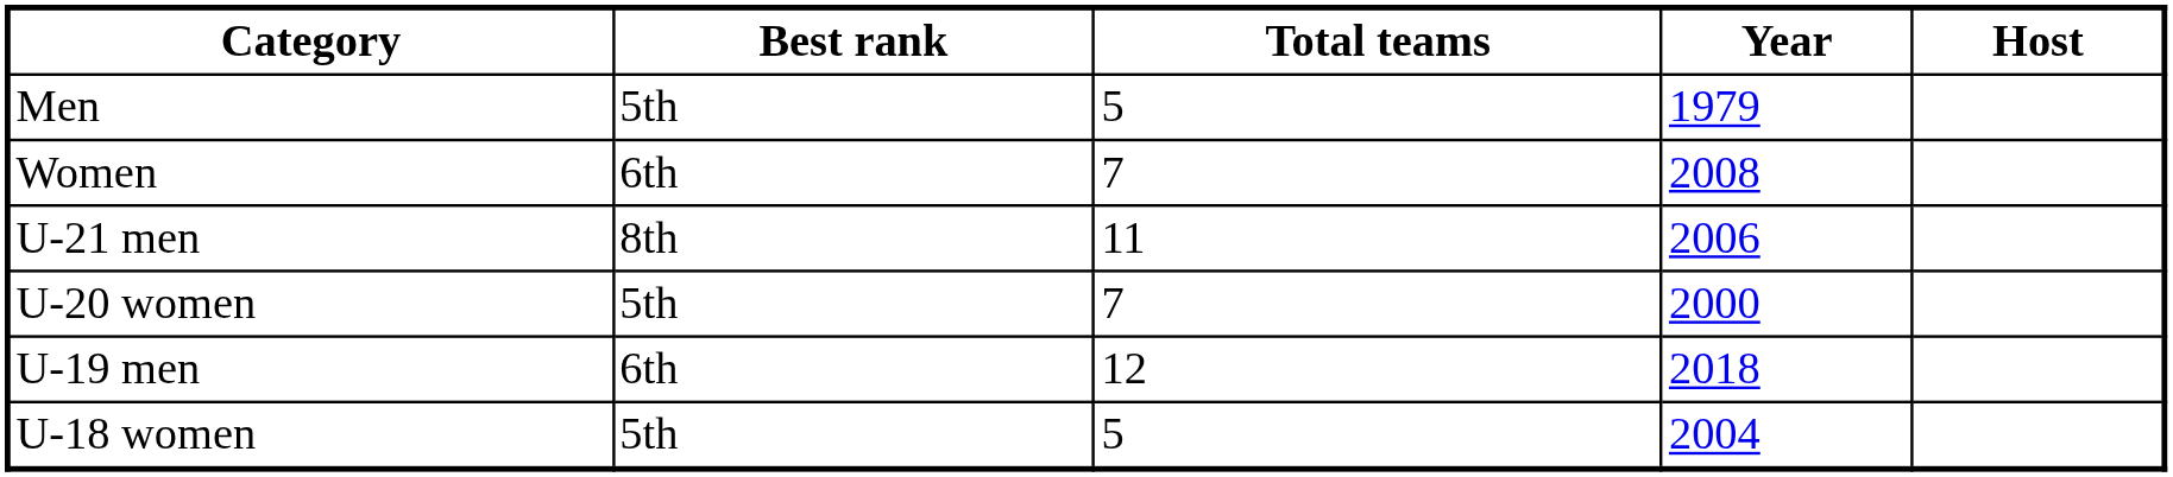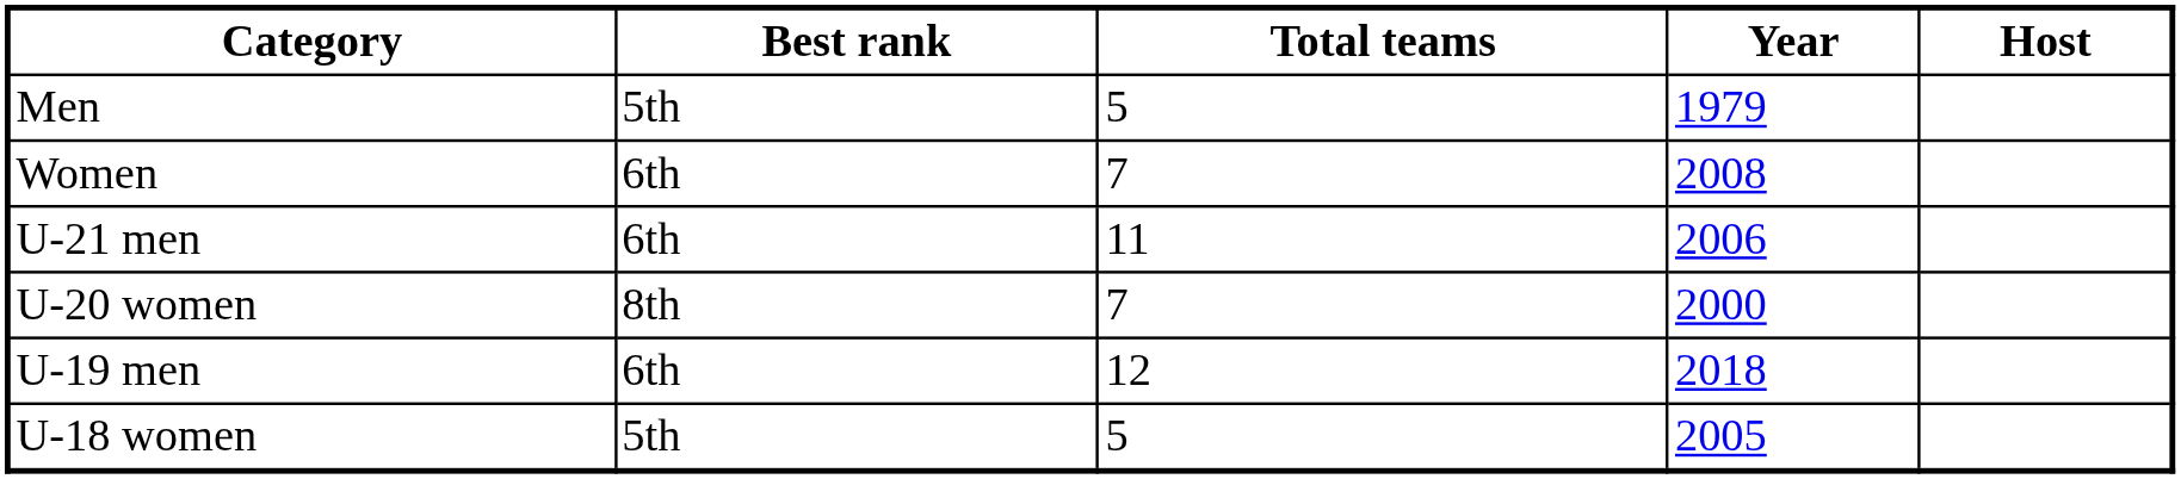 <table class="sortable" style="border-collapse: collapse; border: 2px #000000 solid; font-size: x-big; font-family: verdana" width="60%" cellspacing="0" cellpadding="2" border="1">
 <tr bgcolor="FFFFFF" align="center">
 <th>Category</th>
 <th>Best rank</th>
 <th>Total teams</th>
 <th>Year</th>
 <th>Host</th>
 </tr>
 <tr>
 <td>Men</td>
 <td>5th</td>
 <td>5</td>
 <td><a href='#'>1979</a></td>
 <td></td>
 </tr>
 <tr>
 <td>Women</td>
 <td>6th</td>
 <td>7</td>
 <td><a href='#'>2008</a></td>
 <td></td>
 </tr>
 <tr>
 <td>U-21 men</td>
-<td>8th</td>
+<td>6th</td>
 <td>11</td>
 <td><a href='#'>2006</a></td>
 <td></td>
 </tr>
 <tr>
 <td>U-20 women</td>
-<td>5th</td>
+<td>8th</td>
 <td>7</td>
 <td><a href='#'>2000</a></td>
 <td></td>
 </tr>
 <tr>
 <td>U-19 men</td>
 <td>6th</td>
 <td>12</td>
 <td><a href='#'>2018</a></td>
 <td></td>
 </tr>
 <tr>
 <td>U-18 women</td>
 <td>5th</td>
 <td>5</td>
-<td><a href='#'>2004</a></td>
+<td><a href='#'>2005</a></td>
 <td></td>
 </tr>
 </table>
